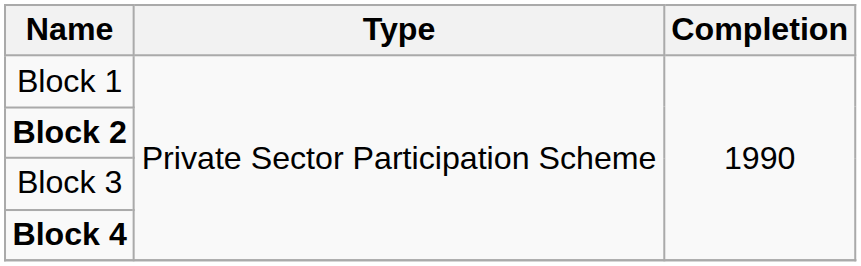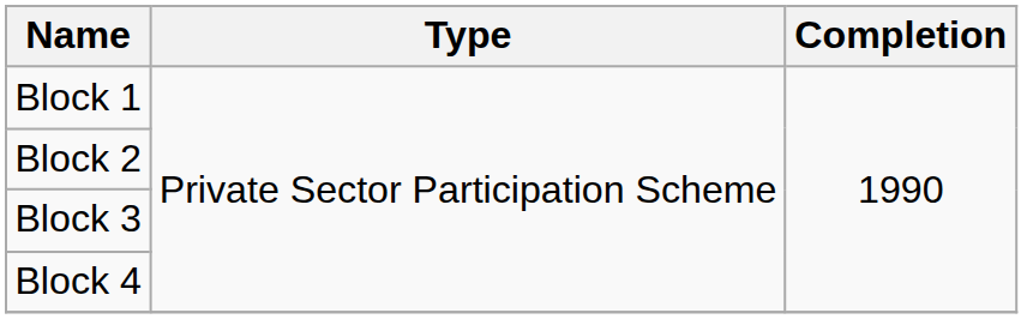 <table class="wikitable" style="text-align: center">
 <tr>
 <th>Name</th>
 <th>Type</th>
 <th>Completion</th>
 </tr>
 <tr>
 <td>Block 1</td>
 <td rowspan="4">Private Sector Participation Scheme</td>
 <td rowspan="4">1990</td>
 </tr>
 <tr>
-<td><strong>Block 2</strong></td>
+<td>Block 2</td>
 </tr>
 <tr>
 <td>Block 3</td>
 </tr>
 <tr>
-<td><strong>Block 4</strong></td>
+<td>Block 4</td>
 </tr>
 <tr>
 </tr>
 </table>
